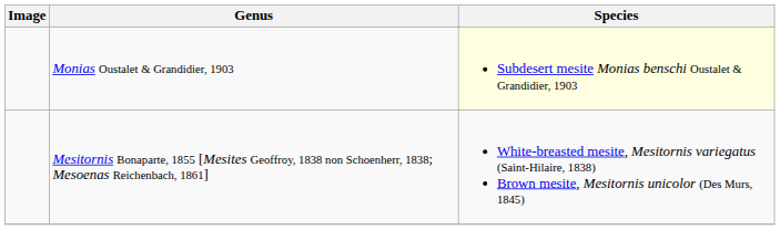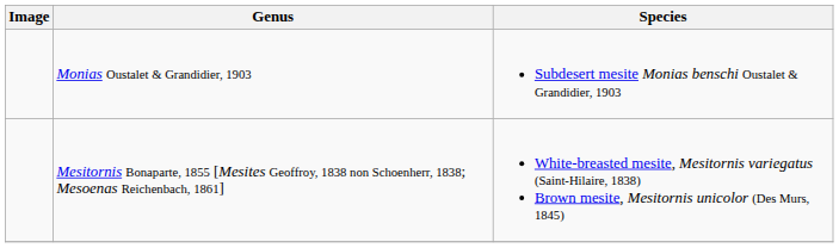 <table class="wikitable collapsible">
 <tr>
 <th>Image</th>
 <th>Genus</th>
 <th>Species</th>
 </tr>
 <tr>
 <td></td>
 <td><em><a href='#'>Monias</a></em> <small>Oustalet & Grandidier, 1903</small></td>
-<td style="background: lightyellow;"><br><ul><li><a href='#'>Subdesert mesite</a> <em>Monias benschi</em> <small>Oustalet & Grandidier, 1903</small></li></ul></td>
+<td><br><ul><li><a href='#'>Subdesert mesite</a> <em>Monias benschi</em> <small>Oustalet & Grandidier, 1903</small></li></ul></td>
 </tr>
 <tr>
 <td></td>
 <td><em><a href='#'>Mesitornis</a></em> <small>Bonaparte, 1855</small> [<em>Mesites</em> <small>Geoffroy, 1838 non Schoenherr, 1838</small>; <em>Mesoenas</em> <small>Reichenbach, 1861</small>]</td>
 <td><br><ul><li><a href='#'>White-breasted mesite</a>, <em>Mesitornis variegatus</em> <small>(Saint-Hilaire, 1838)</small></li><li><a href='#'>Brown mesite</a>, <em>Mesitornis unicolor</em> <small>(Des Murs, 1845)</small></li></ul></td>
 </tr>
 <tr>
 </tr>
 </table>
